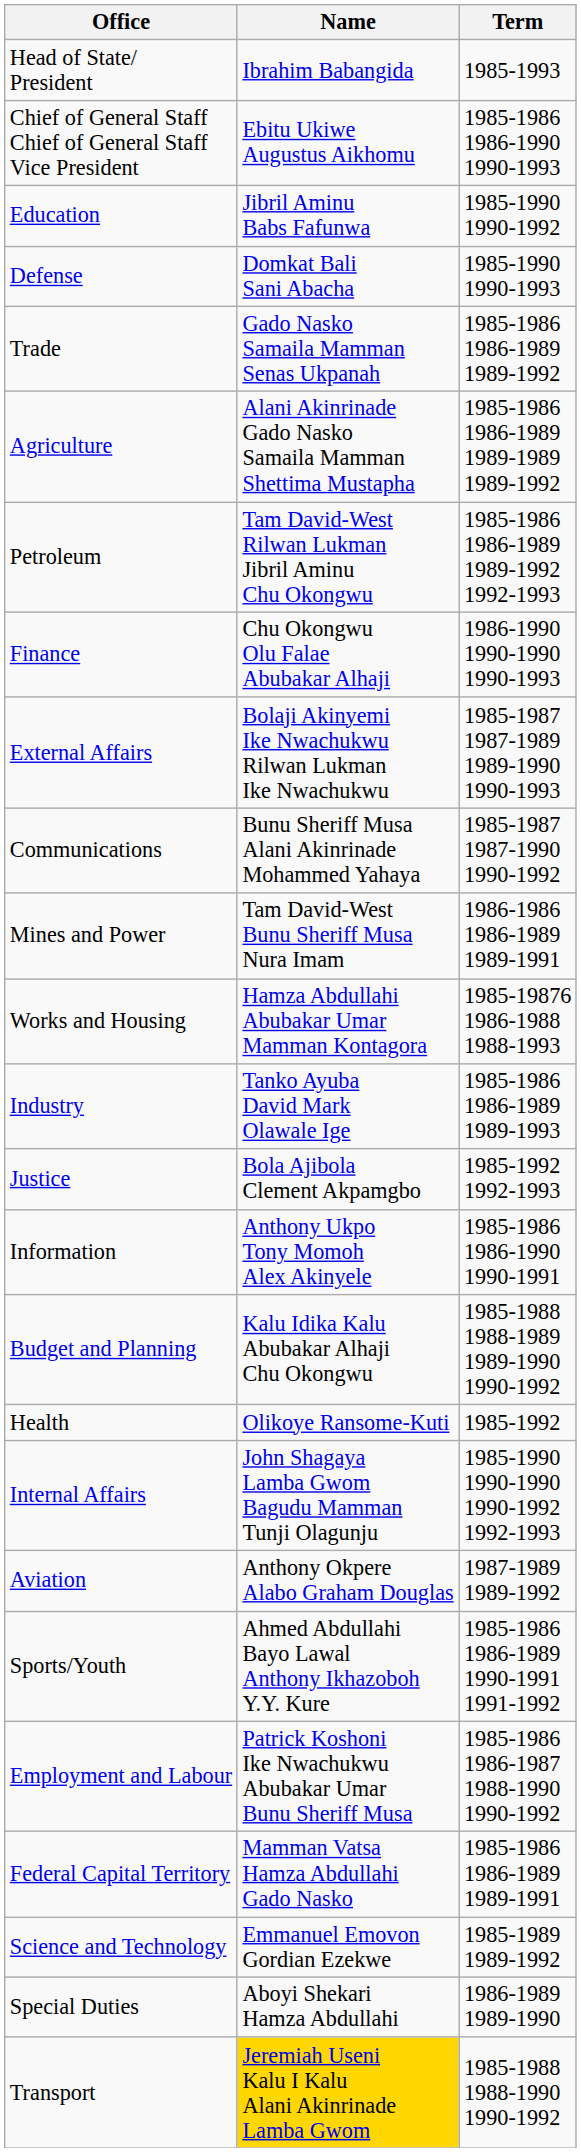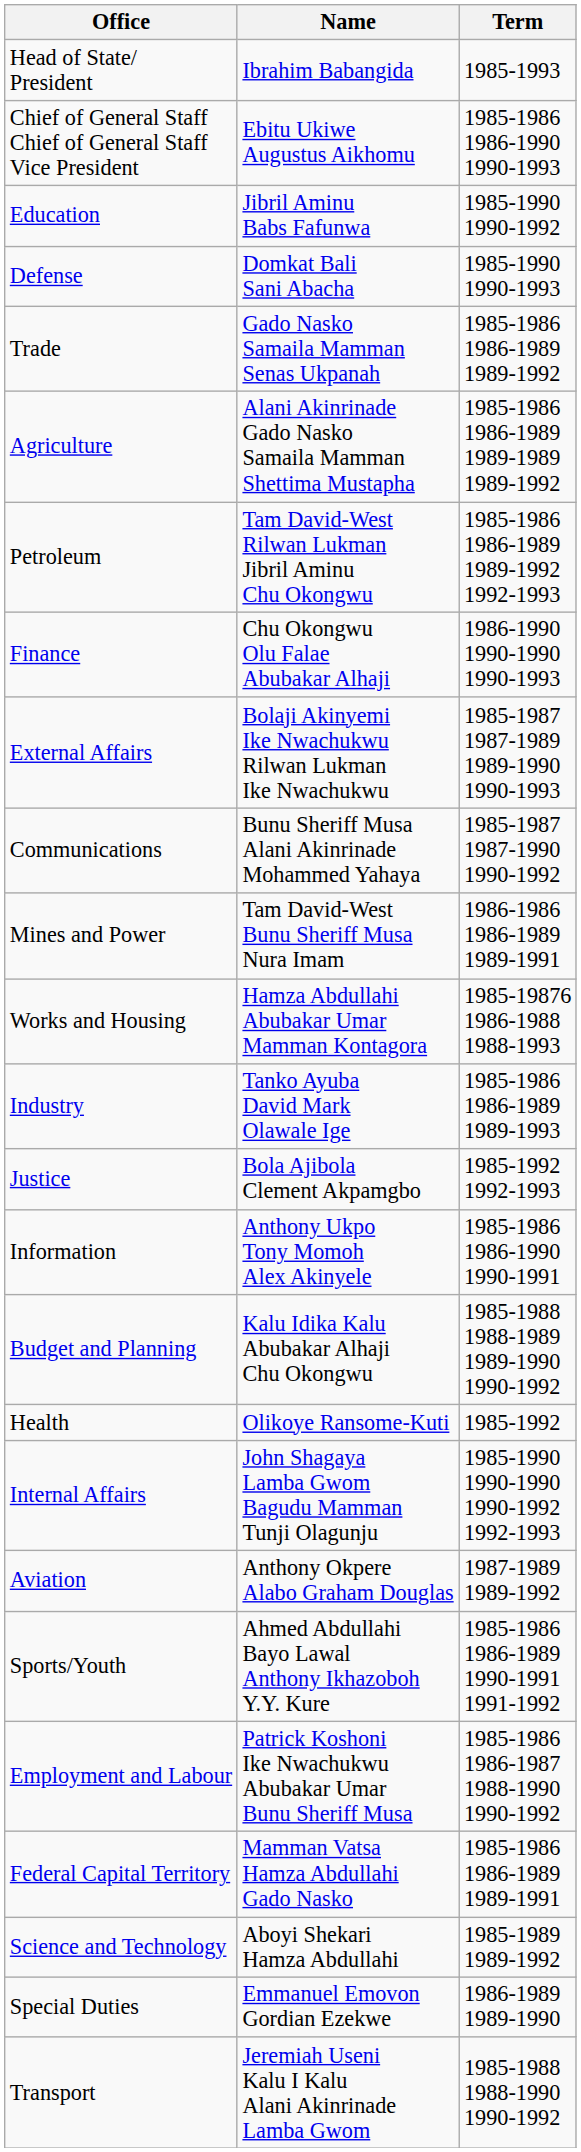 <table class="wikitable">
 <tr>
 <th>Office</th>
 <th>Name</th>
 <th>Term</th>
 </tr>
 <tr>
 <td>Head of State/<br>President</td>
 <td><a href='#'>Ibrahim Babangida</a></td>
 <td>1985-1993<br></td>
 </tr>
 <tr>
 <td>Chief of General Staff<br>Chief of General Staff<br>Vice President</td>
 <td><a href='#'>Ebitu Ukiwe</a><br><a href='#'>Augustus Aikhomu</a></td>
 <td>1985-1986<br>1986-1990<br>1990-1993</td>
 </tr>
 <tr>
 <td><a href='#'>Education</a></td>
 <td><a href='#'>Jibril Aminu</a><br><a href='#'>Babs Fafunwa</a></td>
 <td>1985-1990<br>1990-1992</td>
 </tr>
 <tr>
 <td><a href='#'>Defense</a></td>
 <td><a href='#'>Domkat Bali</a><br><a href='#'>Sani Abacha</a></td>
 <td>1985-1990<br>1990-1993</td>
 </tr>
 <tr>
 <td>Trade</td>
 <td><a href='#'>Gado Nasko</a><br><a href='#'>Samaila Mamman</a><br><a href='#'>Senas Ukpanah</a></td>
 <td>1985-1986<br>1986-1989<br>1989-1992</td>
 </tr>
 <tr>
 <td><a href='#'>Agriculture</a></td>
 <td><a href='#'>Alani Akinrinade</a><br>Gado Nasko<br>Samaila Mamman<br><a href='#'>Shettima Mustapha</a></td>
 <td>1985-1986<br>1986-1989<br>1989-1989<br>1989-1992</td>
 </tr>
 <tr>
 <td>Petroleum</td>
 <td><a href='#'>Tam David-West</a><br><a href='#'>Rilwan Lukman</a><br>Jibril Aminu<br><a href='#'>Chu Okongwu</a></td>
 <td>1985-1986<br>1986-1989<br>1989-1992<br>1992-1993</td>
 </tr>
 <tr>
 <td><a href='#'>Finance</a></td>
 <td>Chu Okongwu<br><a href='#'>Olu Falae</a><br><a href='#'>Abubakar Alhaji</a></td>
 <td>1986-1990<br>1990-1990<br>1990-1993</td>
 </tr>
 <tr>
 <td><a href='#'>External Affairs</a></td>
 <td><a href='#'>Bolaji Akinyemi</a><br><a href='#'>Ike Nwachukwu</a><br>Rilwan Lukman<br>Ike Nwachukwu</td>
 <td>1985-1987<br>1987-1989<br>1989-1990<br>1990-1993</td>
 </tr>
 <tr>
 <td>Communications</td>
 <td>Bunu Sheriff Musa<br>Alani Akinrinade<br>Mohammed Yahaya</td>
 <td>1985-1987<br>1987-1990<br>1990-1992</td>
 </tr>
 <tr>
 <td>Mines and Power</td>
 <td>Tam David-West<br><a href='#'>Bunu Sheriff Musa</a><br>Nura Imam</td>
 <td>1986-1986<br>1986-1989<br>1989-1991</td>
 </tr>
 <tr>
 <td>Works and Housing</td>
 <td><a href='#'>Hamza Abdullahi</a><br><a href='#'>Abubakar Umar</a><br><a href='#'>Mamman Kontagora</a> <br></td>
 <td>1985-19876<br>1986-1988<br>1988-1993</td>
 </tr>
 <tr>
 <td><a href='#'>Industry</a></td>
 <td><a href='#'>Tanko Ayuba</a><br><a href='#'>David Mark</a><br><a href='#'>Olawale Ige</a></td>
 <td>1985-1986<br>1986-1989<br>1989-1993</td>
 </tr>
 <tr>
 <td><a href='#'>Justice</a></td>
 <td><a href='#'>Bola Ajibola</a><br>Clement Akpamgbo</td>
 <td>1985-1992<br>1992-1993</td>
 </tr>
 <tr>
 <td>Information</td>
 <td><a href='#'>Anthony Ukpo</a><br><a href='#'>Tony Momoh</a><br><a href='#'>Alex Akinyele</a></td>
 <td>1985-1986<br>1986-1990<br>1990-1991</td>
 </tr>
 <tr>
 <td><a href='#'>Budget and Planning</a></td>
 <td><a href='#'>Kalu Idika Kalu</a><br>Abubakar Alhaji<br>Chu Okongwu</td>
 <td>1985-1988<br>1988-1989<br>1989-1990<br>1990-1992</td>
 </tr>
 <tr>
 <td>Health</td>
 <td><a href='#'>Olikoye Ransome-Kuti</a></td>
 <td>1985-1992</td>
 </tr>
 <tr>
 <td><a href='#'>Internal Affairs</a></td>
 <td><a href='#'>John Shagaya</a><br><a href='#'>Lamba Gwom</a><br><a href='#'>Bagudu Mamman</a><br>Tunji Olagunju</td>
 <td>1985-1990<br>1990-1990<br>1990-1992<br>1992-1993</td>
 </tr>
 <tr>
 <td><a href='#'>Aviation</a></td>
 <td>Anthony Okpere<br><a href='#'>Alabo Graham Douglas</a></td>
 <td>1987-1989<br>1989-1992</td>
 </tr>
 <tr>
 <td>Sports/Youth</td>
 <td>Ahmed Abdullahi<br>Bayo Lawal<br><a href='#'>Anthony Ikhazoboh</a><br>Y.Y. Kure</td>
 <td>1985-1986<br>1986-1989<br>1990-1991<br>1991-1992</td>
 </tr>
 <tr>
 <td><a href='#'>Employment and Labour</a></td>
 <td><a href='#'>Patrick Koshoni</a><br>Ike Nwachukwu<br>Abubakar Umar<br><a href='#'>Bunu Sheriff Musa</a></td>
 <td>1985-1986<br>1986-1987<br>1988-1990<br>1990-1992</td>
 </tr>
 <tr>
 <td><a href='#'>Federal Capital Territory</a></td>
 <td><a href='#'>Mamman Vatsa</a><br><a href='#'>Hamza Abdullahi</a><br><a href='#'>Gado Nasko</a></td>
 <td>1985-1986<br>1986-1989<br>1989-1991</td>
 </tr>
 <tr>
 <td><a href='#'>Science and Technology</a></td>
-<td><a href='#'>Emmanuel Emovon</a><br>Gordian Ezekwe</td>
+<td>Aboyi Shekari<br>Hamza Abdullahi</td>
 <td>1985-1989<br>1989-1992</td>
 </tr>
 <tr>
 <td>Special Duties</td>
-<td>Aboyi Shekari<br>Hamza Abdullahi</td>
+<td><a href='#'>Emmanuel Emovon</a><br>Gordian Ezekwe</td>
 <td>1986-1989<br>1989-1990</td>
 </tr>
 <tr>
 <td>Transport</td>
-<td style="background: gold;"><a href='#'>Jeremiah Useni</a><br>Kalu I Kalu<br>Alani Akinrinade<br><a href='#'>Lamba Gwom</a></td>
+<td><a href='#'>Jeremiah Useni</a><br>Kalu I Kalu<br>Alani Akinrinade<br><a href='#'>Lamba Gwom</a></td>
 <td>1985-1988<br>1988-1990<br>1990-1992 <br></td>
 </tr>
 </table>
